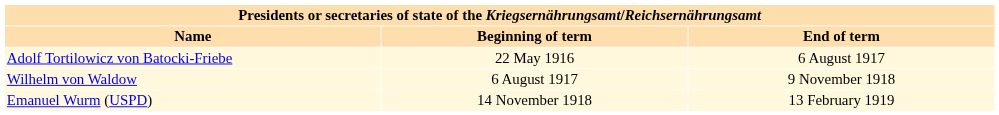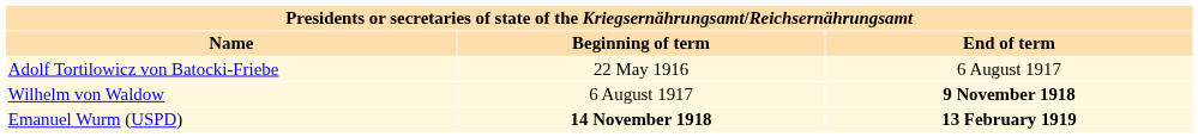 <table |border=0 cellpadding="2" cellspacing="1">
 <tr>
 <td style="background:#FFDEAD" align="center" colspan="4"><strong>Presidents or secretaries of state of the <em>Kriegsernährungsamt</em>/<em>Reichsernährungsamt<strong><em></td>
 </tr>
 <tr>
 <th width="400" style="background:#FFDEAD"></strong>Name<strong></th>
 <th width="325" style="background:#FFDEAD"></strong>Beginning of term<strong></th>
 <th width="325" style="background:#FFDEAD"></strong>End of term<strong></th>
 </tr>
 <tr>
 <td style="background:#FFF8DC;"><a href='#'>Adolf Tortilowicz von Batocki-Friebe</a></td>
 <td style="background:#FFF8DC;" align="center">22 May 1916</td>
 <td style="background:#FFF8DC;" align="center">6 August 1917</td>
 </tr>
 <tr>
 <td style="background:#FFF8DC;"><a href='#'>Wilhelm von Waldow</a></td>
 <td style="background:#FFF8DC;" align="center">6 August 1917</td>
-<td style="background:#FFF8DC;" align="center">9 November 1918</td>
+<td style="background:#FFF8DC;" align="center"><strong>9 November 1918</strong></td>
 </tr>
 <tr>
 <td style="background:#FFF8DC;"><a href='#'>Emanuel Wurm</a> (<a href='#'>USPD</a>)</td>
-<td style="background:#FFF8DC;" align="center">14 November 1918</td>
-<td style="background:#FFF8DC;" align="center">13 February 1919</td>
+<td style="background:#FFF8DC;" align="center"><strong>14 November 1918</strong></td>
+<td style="background:#FFF8DC;" align="center"><strong>13 February 1919</strong></td>
 </tr>
 </table>
